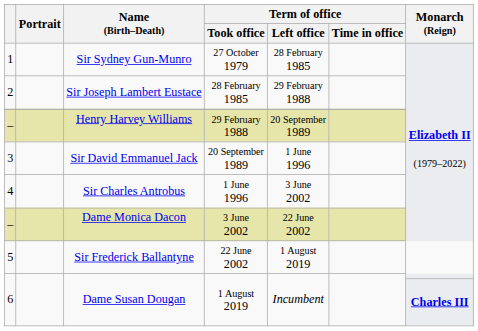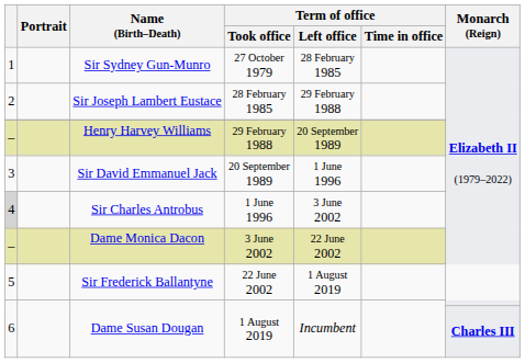 <table class="wikitable" style="text-align:center;">
 <tr>
 <th rowspan="2"></th>
 <th rowspan="2">Portrait</th>
 <th rowspan="2">Name<br><small>(Birth–Death)</small></th>
 <th colspan="3">Term of office</th>
 <th rowspan="2">Monarch<br><small>(Reign)</small></th>
 </tr>
 <tr>
 <th>Took office</th>
 <th>Left office</th>
 <th>Time in office</th>
 </tr>
 <tr>
 <td>1</td>
 <td></td>
 <td><a href='#'>Sir Sydney Gun-Munro</a><br></td>
 <td><small>27 October</small><br>1979</td>
 <td><small>28 February</small><br>1985</td>
 <td></td>
 <td rowspan="7" style="background:#eaecf0; border-style: solid solid none solid ;"><br><strong><a href='#'>Elizabeth II</a></strong><br><br><small>(1979–2022)</small></td>
 </tr>
 <tr>
 <td>2</td>
 <td></td>
 <td><a href='#'>Sir Joseph Lambert Eustace</a><br></td>
 <td><small>28 February</small><br>1985</td>
 <td><small>29 February</small><br>1988</td>
 <td></td>
 </tr>
 <tr>
 </tr>
 <tr style="background:#e6e6aa;">
 <td>–</td>
 <td></td>
 <td><a href='#'>Henry Harvey Williams</a><br><br></td>
 <td><small>29 February</small><br>1988</td>
 <td><small>20 September</small><br>1989</td>
 <td></td>
 </tr>
 <tr>
 <td>3</td>
 <td></td>
 <td><a href='#'>Sir David Emmanuel Jack</a><br></td>
 <td><small>20 September</small><br>1989</td>
 <td><small>1 June</small><br>1996</td>
 <td></td>
 </tr>
 <tr>
-<td>4</td>
+<td style="background: lightgrey;">4</td>
 <td></td>
 <td><a href='#'>Sir Charles Antrobus</a><br></td>
 <td><small>1 June</small><br>1996</td>
 <td><small>3 June</small><br>2002</td>
 <td></td>
 </tr>
 <tr style="background:#e6e6aa;">
 <td>–</td>
 <td></td>
 <td><a href='#'>Dame Monica Dacon</a><br><br></td>
 <td><small>3 June</small><br>2002</td>
 <td><small>22 June</small><br>2002</td>
 <td></td>
 </tr>
 <tr>
 <td>5</td>
 <td></td>
 <td><a href='#'>Sir Frederick Ballantyne</a><br></td>
 <td><small>22 June</small><br>2002</td>
 <td><small>1 August</small><br>2019</td>
 <td></td>
 </tr>
 <tr>
 <td rowspan=2>6</td>
 <td rowspan=2></td>
 <td rowspan=2><a href='#'>Dame Susan Dougan</a><br></td>
 <td rowspan=2><small>1 August</small><br>2019</td>
 <td rowspan=2><em>Incumbent</em></td>
 <td rowspan=2></td>
 <td style="background:#eaecf0 ; border-style: none solid solid solid ;"></td>
 </tr>
 <tr>
 <td rowspan="1" style="background:#eaecf0"><br><strong><a href='#'>Charles III</a></strong><br><br></td>
 </tr>
 </table>
